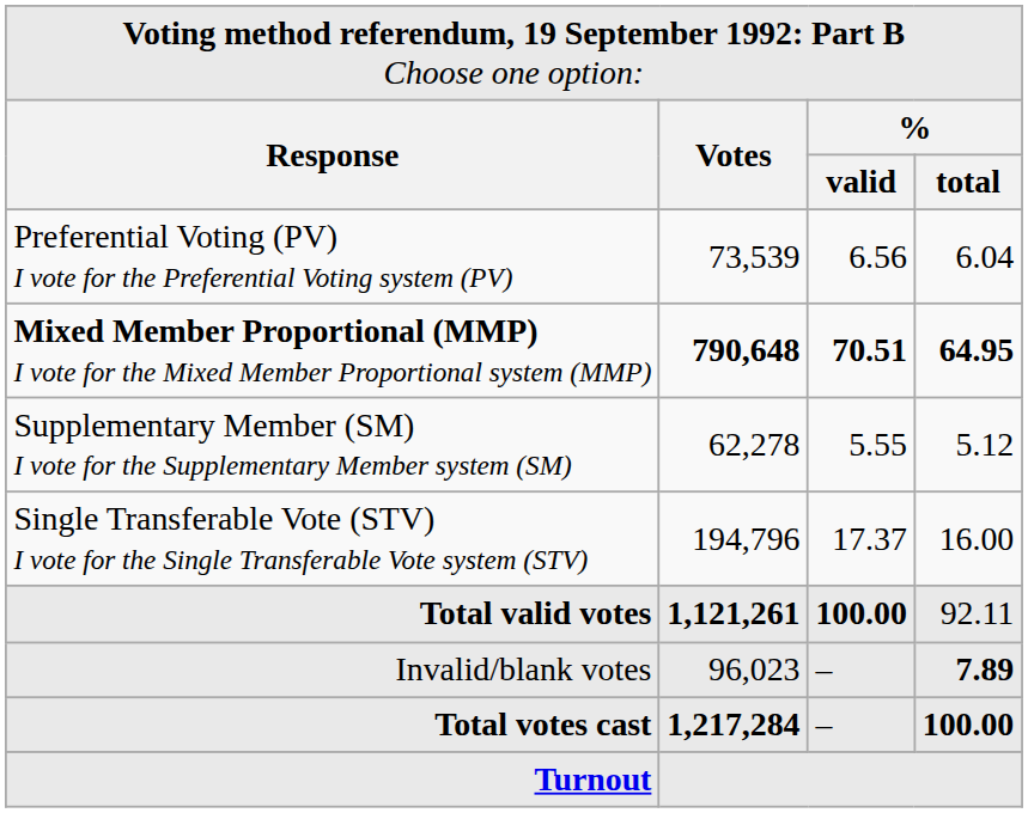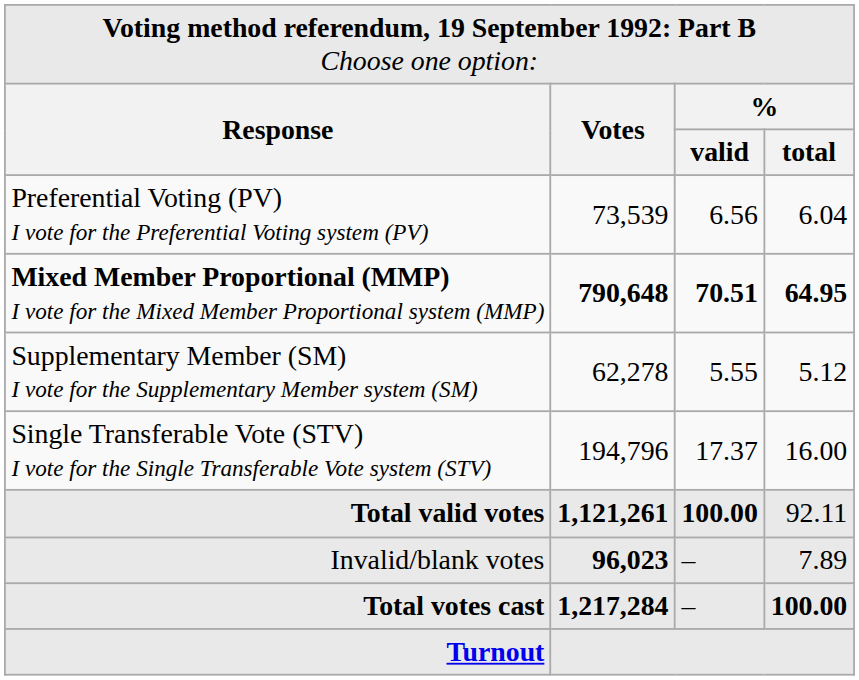 <table class="wikitable" style="font-size: 95%;">
 <tr style="background-color:#E9E9E9">
 <td colspan=4 align=center><strong>Voting method referendum, 19 September 1992: Part B</strong> <br> <em>Choose one option:</em></td>
 </tr>
 <tr style="background-color:#E9E9E9">
 <th rowspan=2>Response</th>
 <th rowspan=2>Votes</th>
 <th colspan=2>%</th>
 </tr>
 <tr style="background-color:#E9E9E9">
 <th>valid</th>
 <th>total</th>
 </tr>
 <tr>
 <td>Preferential Voting (PV) <br> <small><em>I vote for the Preferential Voting system (PV)</em></small></td>
 <td align=right>73,539</td>
 <td align=right>6.56</td>
 <td align=right>6.04</td>
 </tr>
 <tr>
 <td><strong>Mixed Member Proportional (MMP)</strong> <br> <small><em>I vote for the Mixed Member Proportional system (MMP)</em></small></td>
 <td align=right><strong>790,648</strong></td>
 <td align=right><strong>70.51</strong></td>
 <td align=right><strong>64.95</strong></td>
 </tr>
 <tr>
 <td>Supplementary Member (SM) <br> <small><em>I vote for the Supplementary Member system (SM)</em></small></td>
 <td align=right>62,278</td>
 <td align=right>5.55</td>
 <td align=right>5.12</td>
 </tr>
 <tr>
 <td>Single Transferable Vote (STV) <br> <small><em>I vote for the Single Transferable Vote system (STV)</em></small></td>
 <td align=right>194,796</td>
 <td align=right>17.37</td>
 <td align=right>16.00</td>
 </tr>
 <tr style="background-color:#E9E9E9">
 <td align=right><strong>Total valid votes</strong></td>
 <td align=right><strong>1,121,261</strong></td>
 <td align=right><strong>100.00</strong></td>
 <td align=right>92.11</td>
 </tr>
 <tr style="background-color:#E9E9E9">
 <td align=right>Invalid/blank votes</td>
-<td align=right>96,023</td>
+<td align=right><strong>96,023</strong></td>
 <td>–</td>
-<td align=right><strong>7.89</strong></td>
+<td align=right>7.89</td>
 </tr>
 <tr style="background-color:#E9E9E9">
 <td align=right><strong>Total votes cast</strong></td>
 <td align=right><strong>1,217,284</strong></td>
 <td>–</td>
 <td align=right><strong>100.00</strong></td>
 </tr>
 <tr style="background-color:#E9E9E9">
 <td align=right><strong><a href='#'>Turnout</a></strong></td>
 <td colspan=3 align=right></td>
 </tr>
 </table>
